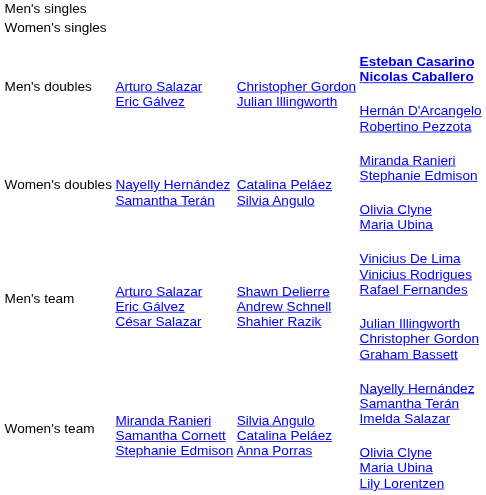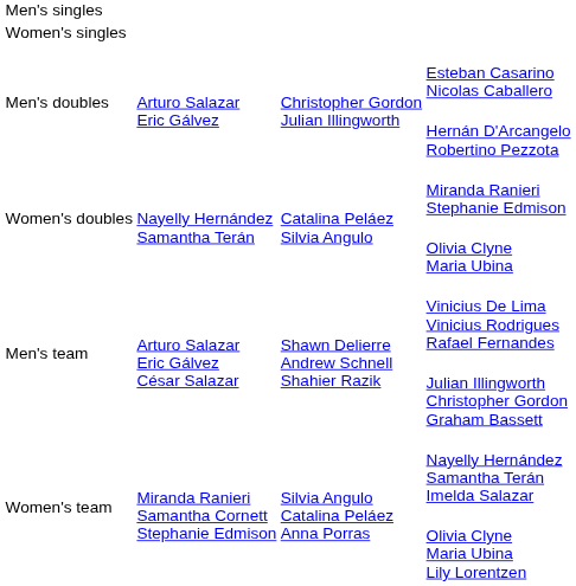 <table>
 <tr>
 <td rowspan=2>Men's singles<br></td>
 <td rowspan=2></td>
 <td rowspan=2></td>
 <td></td>
 </tr>
 <tr>
 <td></td>
 </tr>
 <tr>
 <td rowspan=2>Women's singles<br></td>
 <td rowspan=2></td>
 <td rowspan=2></td>
 <td></td>
 </tr>
 <tr>
 <td></td>
 </tr>
 <tr>
 <td rowspan=2>Men's doubles<br></td>
 <td rowspan=2><br><a href='#'>Arturo Salazar</a><br><a href='#'>Eric Gálvez</a></td>
 <td rowspan=2><br><a href='#'>Christopher Gordon</a><br><a href='#'>Julian Illingworth</a></td>
-<td><strong><br><a href='#'>Esteban Casarino</a><br><a href='#'>Nicolas Caballero</a></strong></td>
+<td><br><a href='#'>Esteban Casarino</a><br><a href='#'>Nicolas Caballero</a></td>
 </tr>
 <tr>
 <td><br><a href='#'>Hernán D'Arcangelo</a><br><a href='#'>Robertino Pezzota</a></td>
 </tr>
 <tr>
 <td rowspan=2>Women's doubles<br></td>
 <td rowspan=2><br><a href='#'>Nayelly Hernández</a><br><a href='#'>Samantha Terán</a></td>
 <td rowspan=2><br><a href='#'>Catalina Peláez</a><br><a href='#'>Silvia Angulo</a></td>
 <td><br><a href='#'>Miranda Ranieri</a><br><a href='#'>Stephanie Edmison</a></td>
 </tr>
 <tr>
 <td><br><a href='#'>Olivia Clyne</a><br><a href='#'>Maria Ubina</a></td>
 </tr>
 <tr>
 <td rowspan=2>Men's team<br></td>
 <td rowspan=2><br><a href='#'>Arturo Salazar</a><br><a href='#'>Eric Gálvez</a><br><a href='#'>César Salazar</a></td>
 <td rowspan=2><br><a href='#'>Shawn Delierre</a><br><a href='#'>Andrew Schnell</a><br><a href='#'>Shahier Razik</a></td>
 <td><br><a href='#'>Vinicius De Lima</a><br><a href='#'>Vinicius Rodrigues</a><br><a href='#'>Rafael Fernandes</a></td>
 </tr>
 <tr>
 <td><br><a href='#'>Julian Illingworth</a><br><a href='#'>Christopher Gordon</a><br><a href='#'>Graham Bassett</a></td>
 </tr>
 <tr>
 <td rowspan=2>Women's team<br></td>
 <td rowspan=2><br><a href='#'>Miranda Ranieri</a><br><a href='#'>Samantha Cornett</a><br><a href='#'>Stephanie Edmison</a></td>
 <td rowspan=2><br><a href='#'>Silvia Angulo</a><br><a href='#'>Catalina Peláez</a><br><a href='#'>Anna Porras</a></td>
 <td><br><a href='#'>Nayelly Hernández</a><br><a href='#'>Samantha Terán</a><br><a href='#'>Imelda Salazar</a></td>
 </tr>
 <tr>
 <td><br><a href='#'>Olivia Clyne</a><br><a href='#'>Maria Ubina</a><br><a href='#'>Lily Lorentzen</a></td>
 </tr>
 </table>
